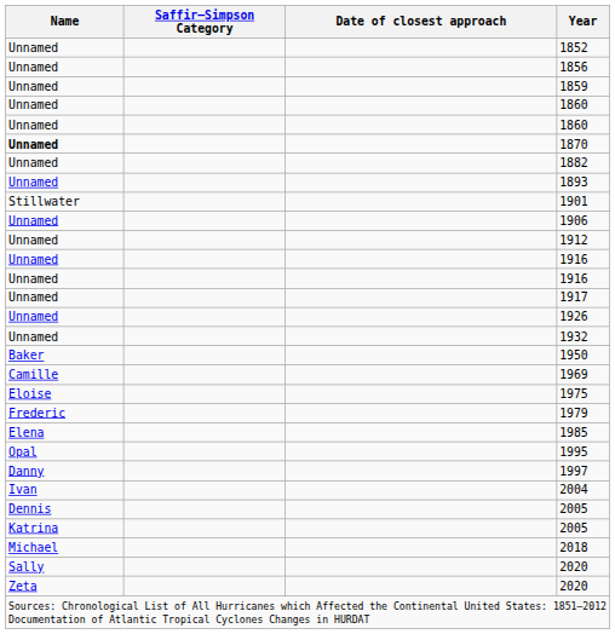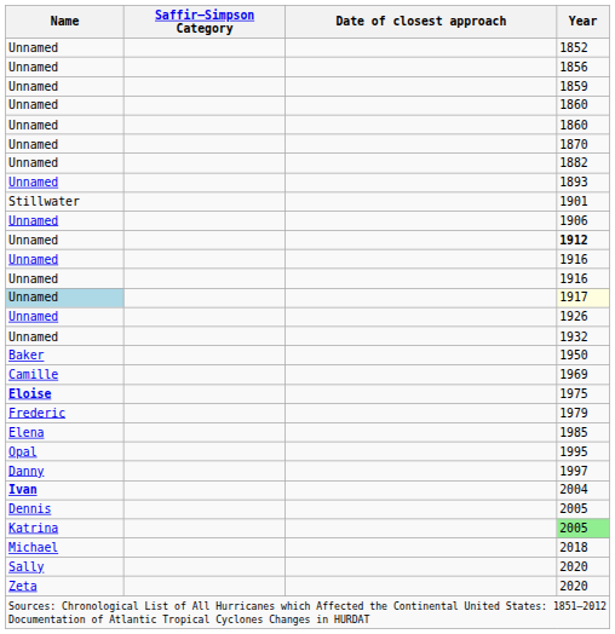 <table class = "wikitable" style="margin:1em auto;">
 <tr>
 <th>Name</th>
 <th><a href='#'>Saffir–Simpson</a><br>Category</th>
 <th>Date of closest approach</th>
 <th>Year</th>
 </tr>
 <tr>
 <td>Unnamed</td>
 <td></td>
 <td></td>
 <td>1852</td>
 </tr>
 <tr>
 <td>Unnamed</td>
 <td></td>
 <td></td>
 <td>1856</td>
 </tr>
 <tr>
 <td>Unnamed</td>
 <td></td>
 <td></td>
 <td>1859</td>
 </tr>
 <tr>
 <td>Unnamed</td>
 <td></td>
 <td></td>
 <td>1860</td>
 </tr>
 <tr>
 <td>Unnamed</td>
 <td></td>
 <td></td>
 <td>1860</td>
 </tr>
 <tr>
-<td><strong>Unnamed</strong></td>
+<td>Unnamed</td>
 <td></td>
 <td></td>
 <td>1870</td>
 </tr>
 <tr>
 <td>Unnamed</td>
 <td></td>
 <td></td>
 <td>1882</td>
 </tr>
 <tr>
 <td><a href='#'>Unnamed</a></td>
 <td></td>
 <td></td>
 <td>1893</td>
 </tr>
 <tr>
 <td>Stillwater</td>
 <td></td>
 <td></td>
 <td>1901</td>
 </tr>
 <tr>
 <td><a href='#'>Unnamed</a></td>
 <td></td>
 <td></td>
 <td>1906</td>
 </tr>
 <tr>
 <td>Unnamed</td>
 <td></td>
 <td></td>
-<td>1912</td>
+<td><strong>1912</strong></td>
 </tr>
 <tr>
 <td><a href='#'>Unnamed</a></td>
 <td></td>
 <td></td>
 <td>1916</td>
 </tr>
 <tr>
 <td>Unnamed</td>
 <td></td>
 <td></td>
 <td>1916</td>
 </tr>
 <tr>
-<td>Unnamed</td>
+<td style="background: lightblue;">Unnamed</td>
 <td></td>
 <td></td>
-<td>1917</td>
+<td style="background: lightyellow;">1917</td>
 </tr>
 <tr>
 <td><a href='#'>Unnamed</a></td>
 <td></td>
 <td></td>
 <td>1926</td>
 </tr>
 <tr>
 <td>Unnamed</td>
 <td></td>
 <td></td>
 <td>1932</td>
 </tr>
 <tr>
 <td><a href='#'>Baker</a></td>
 <td></td>
 <td></td>
 <td>1950</td>
 </tr>
 <tr>
 <td><a href='#'>Camille</a></td>
 <td></td>
 <td></td>
 <td>1969</td>
 </tr>
 <tr>
-<td><a href='#'>Eloise</a></td>
+<td><strong><a href='#'>Eloise</a></strong></td>
 <td></td>
 <td></td>
 <td>1975</td>
 </tr>
 <tr>
 <td><a href='#'>Frederic</a></td>
 <td></td>
 <td></td>
 <td>1979</td>
 </tr>
 <tr>
 <td><a href='#'>Elena</a></td>
 <td></td>
 <td></td>
 <td>1985</td>
 </tr>
 <tr>
 <td><a href='#'>Opal</a></td>
 <td></td>
 <td></td>
 <td>1995</td>
 </tr>
 <tr>
 <td><a href='#'>Danny</a></td>
 <td></td>
 <td></td>
 <td>1997</td>
 </tr>
 <tr>
-<td><a href='#'>Ivan</a></td>
+<td><strong><a href='#'>Ivan</a></strong></td>
 <td></td>
 <td></td>
 <td>2004</td>
 </tr>
 <tr>
 <td><a href='#'>Dennis</a></td>
 <td></td>
 <td></td>
 <td>2005</td>
 </tr>
 <tr>
 <td><a href='#'>Katrina</a></td>
 <td></td>
 <td></td>
-<td>2005</td>
+<td style="background: lightgreen;">2005</td>
 </tr>
 <tr>
 <td><a href='#'>Michael</a></td>
 <td></td>
 <td></td>
 <td>2018</td>
 </tr>
 <tr>
 <td><a href='#'>Sally</a></td>
 <td></td>
 <td></td>
 <td>2020</td>
 </tr>
 <tr>
 <td><a href='#'>Zeta</a></td>
 <td></td>
 <td></td>
 <td>2020</td>
 </tr>
 <tr>
 <td colspan="9"><small>Sources: Chronological List of All Hurricanes which Affected the Continental United States: 1851–2012<br> Documentation of Atlantic Tropical Cyclones Changes in HURDAT</small></td>
 </tr>
 </table>
